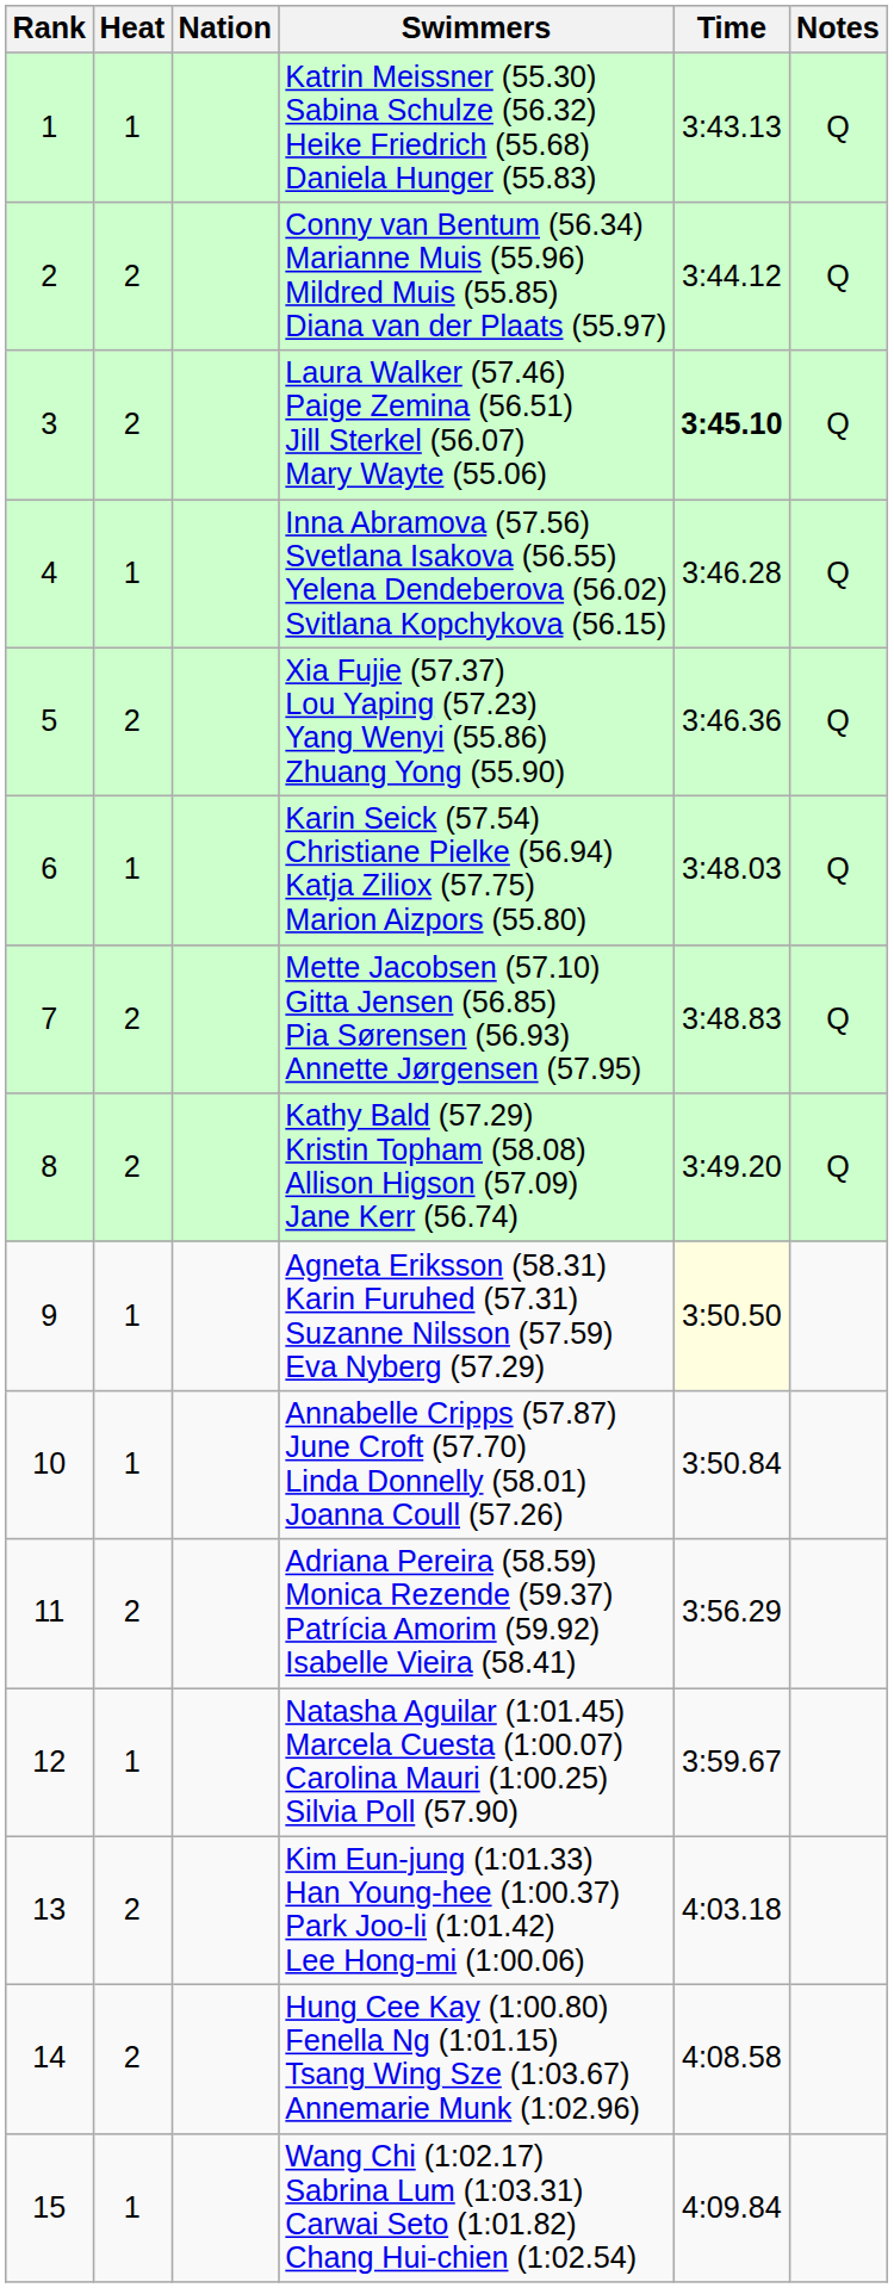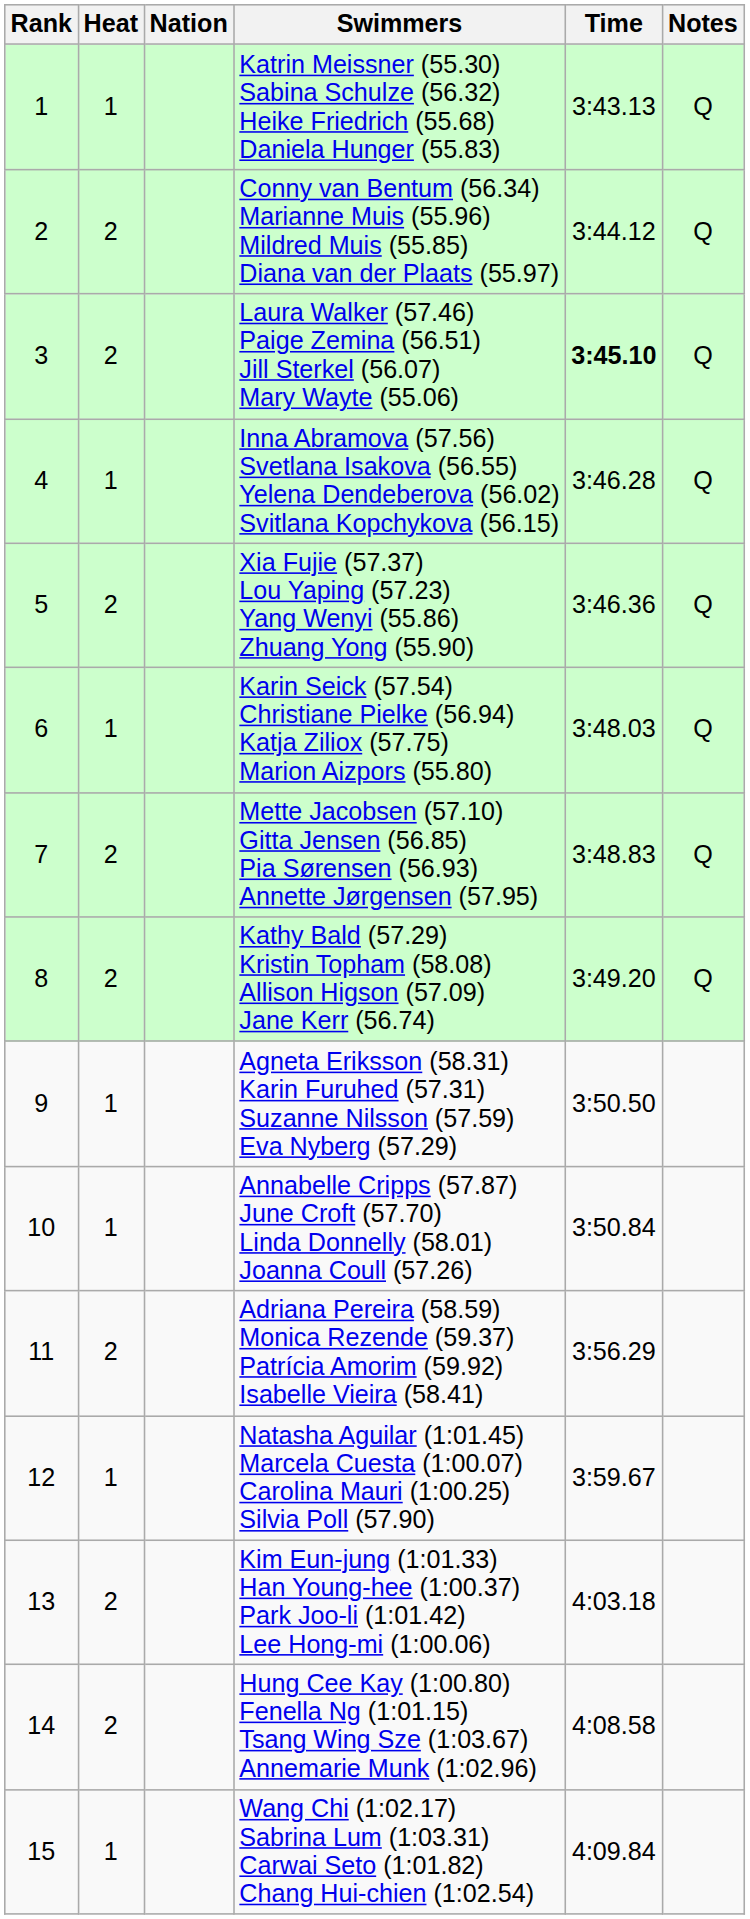 <table class="wikitable sortable" style="text-align:center">
 <tr>
 <th>Rank</th>
 <th>Heat</th>
 <th>Nation</th>
 <th>Swimmers</th>
 <th>Time</th>
 <th>Notes</th>
 </tr>
 <tr bgcolor=#cfc>
 <td>1</td>
 <td>1</td>
 <td align=left></td>
 <td align=left><a href='#'>Katrin Meissner</a> (55.30)<br><a href='#'>Sabina Schulze</a> (56.32)<br><a href='#'>Heike Friedrich</a> (55.68)<br><a href='#'>Daniela Hunger</a> (55.83)</td>
 <td>3:43.13</td>
 <td>Q</td>
 </tr>
 <tr bgcolor=#cfc>
 <td>2</td>
 <td>2</td>
 <td align=left></td>
 <td align=left><a href='#'>Conny van Bentum</a> (56.34)<br><a href='#'>Marianne Muis</a> (55.96)<br><a href='#'>Mildred Muis</a> (55.85)<br><a href='#'>Diana van der Plaats</a> (55.97)</td>
 <td>3:44.12</td>
 <td>Q</td>
 </tr>
 <tr bgcolor=#cfc>
 <td>3</td>
 <td>2</td>
 <td align=left></td>
 <td align=left><a href='#'>Laura Walker</a> (57.46)<br><a href='#'>Paige Zemina</a> (56.51)<br><a href='#'>Jill Sterkel</a> (56.07)<br><a href='#'>Mary Wayte</a> (55.06)</td>
 <td><strong>3:45.10</strong></td>
 <td>Q</td>
 </tr>
 <tr bgcolor=#cfc>
 <td>4</td>
 <td>1</td>
 <td align=left></td>
 <td align=left><a href='#'>Inna Abramova</a> (57.56)<br><a href='#'>Svetlana Isakova</a> (56.55)<br><a href='#'>Yelena Dendeberova</a> (56.02)<br><a href='#'>Svitlana Kopchykova</a> (56.15)</td>
 <td>3:46.28</td>
 <td>Q</td>
 </tr>
 <tr bgcolor=#cfc>
 <td>5</td>
 <td>2</td>
 <td align=left></td>
 <td align=left><a href='#'>Xia Fujie</a> (57.37)<br><a href='#'>Lou Yaping</a> (57.23)<br><a href='#'>Yang Wenyi</a> (55.86)<br><a href='#'>Zhuang Yong</a> (55.90)</td>
 <td>3:46.36</td>
 <td>Q</td>
 </tr>
 <tr bgcolor=#cfc>
 <td>6</td>
 <td>1</td>
 <td align=left></td>
 <td align=left><a href='#'>Karin Seick</a> (57.54)<br><a href='#'>Christiane Pielke</a> (56.94)<br><a href='#'>Katja Ziliox</a> (57.75)<br><a href='#'>Marion Aizpors</a> (55.80)</td>
 <td>3:48.03</td>
 <td>Q</td>
 </tr>
 <tr bgcolor=#cfc>
 <td>7</td>
 <td>2</td>
 <td align=left></td>
 <td align=left><a href='#'>Mette Jacobsen</a> (57.10)<br><a href='#'>Gitta Jensen</a> (56.85)<br><a href='#'>Pia Sørensen</a> (56.93)<br><a href='#'>Annette Jørgensen</a> (57.95)</td>
 <td>3:48.83</td>
 <td>Q</td>
 </tr>
 <tr bgcolor=#cfc>
 <td>8</td>
 <td>2</td>
 <td align=left></td>
 <td align=left><a href='#'>Kathy Bald</a> (57.29)<br><a href='#'>Kristin Topham</a> (58.08)<br><a href='#'>Allison Higson</a> (57.09)<br><a href='#'>Jane Kerr</a> (56.74)</td>
 <td>3:49.20</td>
 <td>Q</td>
 </tr>
 <tr>
 <td>9</td>
 <td>1</td>
 <td align=left></td>
 <td align=left><a href='#'>Agneta Eriksson</a> (58.31)<br><a href='#'>Karin Furuhed</a> (57.31)<br><a href='#'>Suzanne Nilsson</a> (57.59)<br><a href='#'>Eva Nyberg</a> (57.29)</td>
-<td style="background: lightyellow;">3:50.50</td>
+<td>3:50.50</td>
 <td></td>
 </tr>
 <tr>
 <td>10</td>
 <td>1</td>
 <td align=left></td>
 <td align=left><a href='#'>Annabelle Cripps</a> (57.87)<br><a href='#'>June Croft</a> (57.70)<br><a href='#'>Linda Donnelly</a> (58.01)<br><a href='#'>Joanna Coull</a> (57.26)</td>
 <td>3:50.84</td>
 <td></td>
 </tr>
 <tr>
 <td>11</td>
 <td>2</td>
 <td align=left></td>
 <td align=left><a href='#'>Adriana Pereira</a> (58.59)<br><a href='#'>Monica Rezende</a> (59.37)<br><a href='#'>Patrícia Amorim</a> (59.92)<br><a href='#'>Isabelle Vieira</a> (58.41)</td>
 <td>3:56.29</td>
 <td></td>
 </tr>
 <tr>
 <td>12</td>
 <td>1</td>
 <td align=left></td>
 <td align=left><a href='#'>Natasha Aguilar</a> (1:01.45)<br><a href='#'>Marcela Cuesta</a> (1:00.07)<br><a href='#'>Carolina Mauri</a> (1:00.25)<br><a href='#'>Silvia Poll</a> (57.90)</td>
 <td>3:59.67</td>
 <td></td>
 </tr>
 <tr>
 <td>13</td>
 <td>2</td>
 <td align=left></td>
 <td align=left><a href='#'>Kim Eun-jung</a> (1:01.33)<br><a href='#'>Han Young-hee</a> (1:00.37)<br><a href='#'>Park Joo-li</a> (1:01.42)<br><a href='#'>Lee Hong-mi</a> (1:00.06)</td>
 <td>4:03.18</td>
 <td></td>
 </tr>
 <tr>
 <td>14</td>
 <td>2</td>
 <td align=left></td>
 <td align=left><a href='#'>Hung Cee Kay</a> (1:00.80)<br><a href='#'>Fenella Ng</a> (1:01.15)<br><a href='#'>Tsang Wing Sze</a> (1:03.67)<br><a href='#'>Annemarie Munk</a> (1:02.96)</td>
 <td>4:08.58</td>
 <td></td>
 </tr>
 <tr>
 <td>15</td>
 <td>1</td>
 <td align=left></td>
 <td align=left><a href='#'>Wang Chi</a> (1:02.17)<br><a href='#'>Sabrina Lum</a> (1:03.31)<br><a href='#'>Carwai Seto</a> (1:01.82)<br><a href='#'>Chang Hui-chien</a> (1:02.54)</td>
 <td>4:09.84</td>
 <td></td>
 </tr>
 </table>
